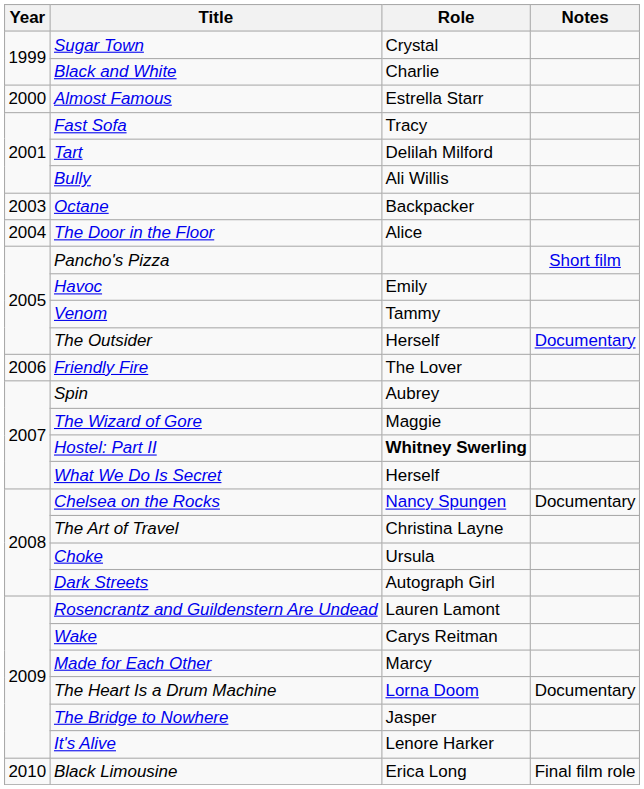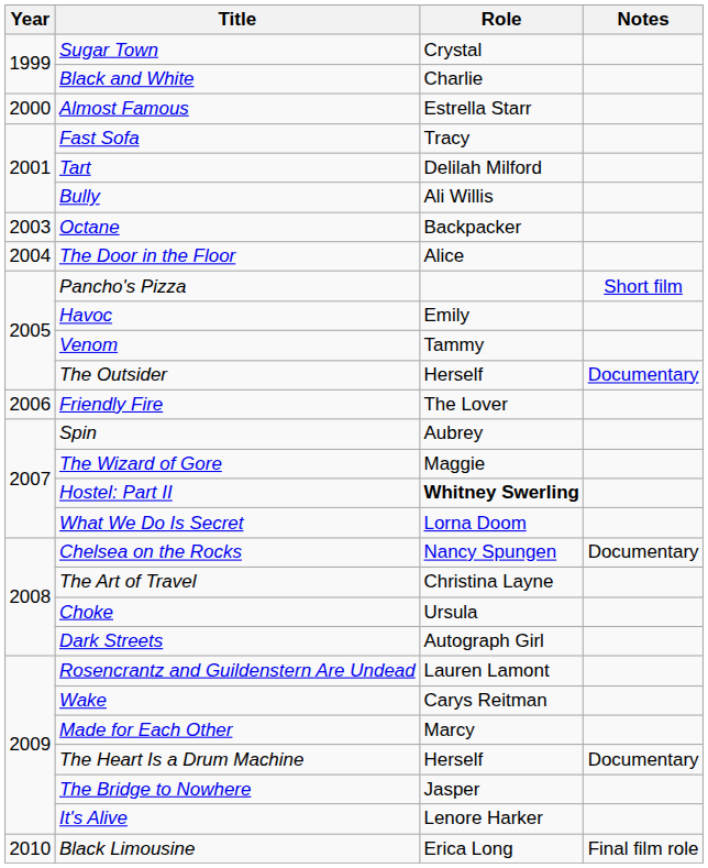 <table class="wikitable sortable">
 <tr>
 <th>Year</th>
 <th>Title</th>
 <th>Role</th>
 <th class="unsortable">Notes</th>
 </tr>
 <tr>
 <td rowspan=2>1999</td>
 <td><em><a href='#'>Sugar Town</a></em></td>
 <td>Crystal</td>
 <td></td>
 </tr>
 <tr>
 <td><em><a href='#'>Black and White</a></em></td>
 <td>Charlie</td>
 <td></td>
 </tr>
 <tr>
 <td>2000</td>
 <td><em><a href='#'>Almost Famous</a></em></td>
 <td>Estrella Starr</td>
 <td></td>
 </tr>
 <tr>
 <td rowspan=3>2001</td>
 <td><em><a href='#'>Fast Sofa</a></em></td>
 <td>Tracy</td>
 <td></td>
 </tr>
 <tr>
 <td><em><a href='#'>Tart</a></em></td>
 <td>Delilah Milford</td>
 <td></td>
 </tr>
 <tr>
 <td><em><a href='#'>Bully</a></em></td>
 <td>Ali Willis</td>
 <td></td>
 </tr>
 <tr>
 <td>2003</td>
 <td><em><a href='#'>Octane</a></em></td>
 <td>Backpacker</td>
 <td></td>
 </tr>
 <tr>
 <td>2004</td>
 <td><em><a href='#'>The Door in the Floor</a></em></td>
 <td>Alice</td>
 <td></td>
 </tr>
 <tr>
 <td rowspan=4>2005</td>
 <td><em>Pancho's Pizza</em></td>
 <td></td>
 <td style="text-align:center;"><a href='#'>Short film</a></td>
 </tr>
 <tr>
 <td><em><a href='#'>Havoc</a></em></td>
 <td>Emily</td>
 <td></td>
 </tr>
 <tr>
 <td><em><a href='#'>Venom</a></em></td>
 <td>Tammy</td>
 <td></td>
 </tr>
 <tr>
 <td><em>The Outsider</em></td>
 <td>Herself</td>
 <td style="text-align:center;"><a href='#'>Documentary</a></td>
 </tr>
 <tr>
 <td>2006</td>
 <td><em><a href='#'>Friendly Fire</a></em></td>
 <td>The Lover</td>
 <td></td>
 </tr>
 <tr>
 <td rowspan=4>2007</td>
 <td><em>Spin</em></td>
 <td>Aubrey</td>
 <td></td>
 </tr>
 <tr>
 <td><em><a href='#'>The Wizard of Gore</a></em></td>
 <td>Maggie</td>
 <td></td>
 </tr>
 <tr>
 <td><em><a href='#'>Hostel: Part II</a></em></td>
 <td><strong>Whitney Swerling</strong></td>
 <td></td>
 </tr>
 <tr>
 <td><em><a href='#'>What We Do Is Secret</a></em></td>
-<td>Herself</td>
+<td><a href='#'>Lorna Doom</a></td>
 <td></td>
 </tr>
 <tr>
 <td rowspan=4>2008</td>
 <td><em><a href='#'>Chelsea on the Rocks</a></em></td>
 <td><a href='#'>Nancy Spungen</a></td>
 <td style="text-align:center;">Documentary</td>
 </tr>
 <tr>
 <td><em>The Art of Travel</em></td>
 <td>Christina Layne</td>
 <td></td>
 </tr>
 <tr>
 <td><em><a href='#'>Choke</a></em></td>
 <td>Ursula</td>
 <td></td>
 </tr>
 <tr>
 <td><em><a href='#'>Dark Streets</a></em></td>
 <td>Autograph Girl</td>
 <td></td>
 </tr>
 <tr>
 <td rowspan=6>2009</td>
 <td><em><a href='#'>Rosencrantz and Guildenstern Are Undead</a></em></td>
 <td>Lauren Lamont</td>
 <td></td>
 </tr>
 <tr>
 <td><em><a href='#'>Wake</a></em></td>
 <td>Carys Reitman</td>
 <td></td>
 </tr>
 <tr>
 <td><em><a href='#'>Made for Each Other</a></em></td>
 <td>Marcy</td>
 <td></td>
 </tr>
 <tr>
 <td><em>The Heart Is a Drum Machine</em></td>
-<td><a href='#'>Lorna Doom</a></td>
+<td>Herself</td>
 <td style="text-align:center;">Documentary</td>
 </tr>
 <tr>
 <td><em><a href='#'>The Bridge to Nowhere</a></em></td>
 <td>Jasper</td>
 <td></td>
 </tr>
 <tr>
 <td><em><a href='#'>It's Alive</a></em></td>
 <td>Lenore Harker</td>
 <td></td>
 </tr>
 <tr>
 <td>2010</td>
 <td><em>Black Limousine</em></td>
 <td>Erica Long</td>
 <td>Final film role</td>
 </tr>
 </table>
